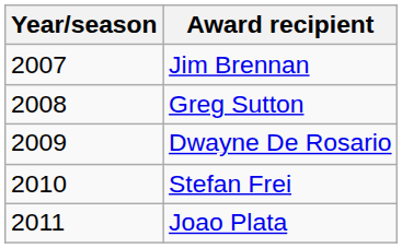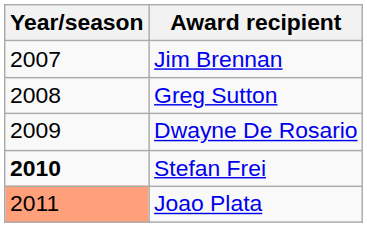 <table class="wikitable">
 <tr>
 <th>Year/season</th>
 <th>Award recipient</th>
 </tr>
 <tr>
 <td>2007</td>
 <td> <a href='#'>Jim Brennan</a></td>
 </tr>
 <tr>
 <td>2008</td>
 <td> <a href='#'>Greg Sutton</a> </td>
 </tr>
 <tr>
 <td>2009</td>
 <td> <a href='#'>Dwayne De Rosario</a></td>
 </tr>
 <tr>
-<td>2010</td>
+<td><strong>2010</strong></td>
 <td> <a href='#'>Stefan Frei</a> </td>
 </tr>
 <tr>
-<td>2011</td>
+<td style="background: lightsalmon;">2011</td>
 <td> <a href='#'>Joao Plata</a></td>
 </tr>
 </table>
